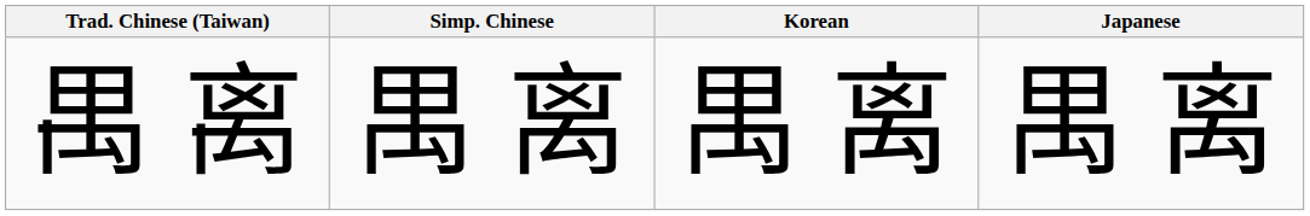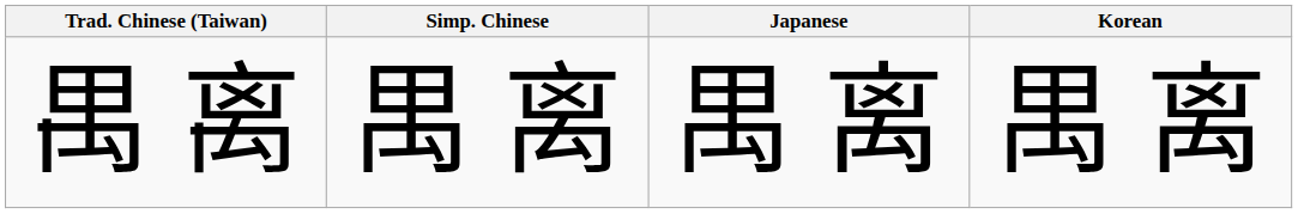 <table class="wikitable" style="text-align: center;">
 <tr>
 <th>Trad. Chinese (Taiwan)</th>
 <th>Simp. Chinese</th>
+<th>Japanese</th>
 <th>Korean</th>
-<th>Japanese</th>
 </tr>
 <tr style="font-size:6em;font-family:serif;line-height:100%;">
 <td lang="zh-tw">禺 离</td>
 <td lang="zh">禺 离</td>
+<td lang="ja">禺 离</td>
 <td lang="ko">禺 离</td>
-<td lang="ja">禺 离</td>
 </tr>
 </table>
